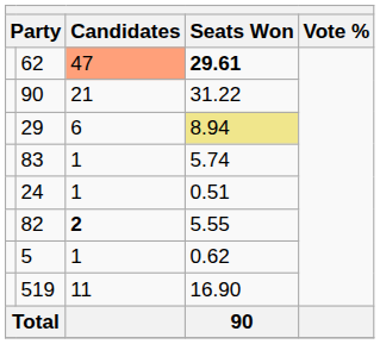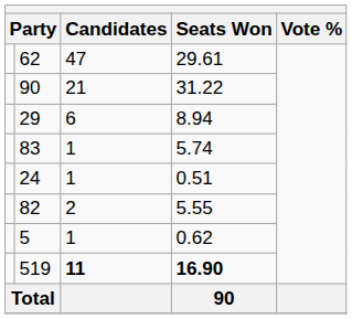 <table class="wikitable sortable">
 <tr>
 <th colspan=10></th>
 </tr>
 <tr>
 <th colspan=2>Party</th>
 <th>Candidates</th>
 <th>Seats Won</th>
 <th>Vote %</th>
 </tr>
 <tr>
 <td></td>
 <td>62</td>
-<td style="background: lightsalmon;">47</td>
-<td><strong>29.61</strong></td>
+<td>47</td>
+<td>29.61</td>
 </tr>
 <tr>
 <td></td>
 <td>90</td>
 <td>21</td>
 <td>31.22</td>
 </tr>
 <tr>
 <td></td>
 <td>29</td>
 <td>6</td>
-<td style="background: khaki;">8.94</td>
+<td>8.94</td>
 </tr>
 <tr>
 <td></td>
 <td>83</td>
 <td>1</td>
 <td>5.74</td>
 </tr>
 <tr>
 <td></td>
 <td>24</td>
 <td>1</td>
 <td>0.51</td>
 </tr>
 <tr>
 <td></td>
 <td>82</td>
-<td><strong>2</strong></td>
+<td>2</td>
 <td>5.55</td>
 </tr>
 <tr>
 <td></td>
 <td>5</td>
 <td>1</td>
 <td>0.62</td>
 </tr>
 <tr>
 <td></td>
 <td>519</td>
-<td>11</td>
-<td>16.90</td>
+<td><strong>11</strong></td>
+<td><strong>16.90</strong></td>
 </tr>
 <tr>
 <th colspan=2>Total</th>
 <th></th>
 <th>90</th>
 <th></th>
 </tr>
 <tr>
 </tr>
 </table>
